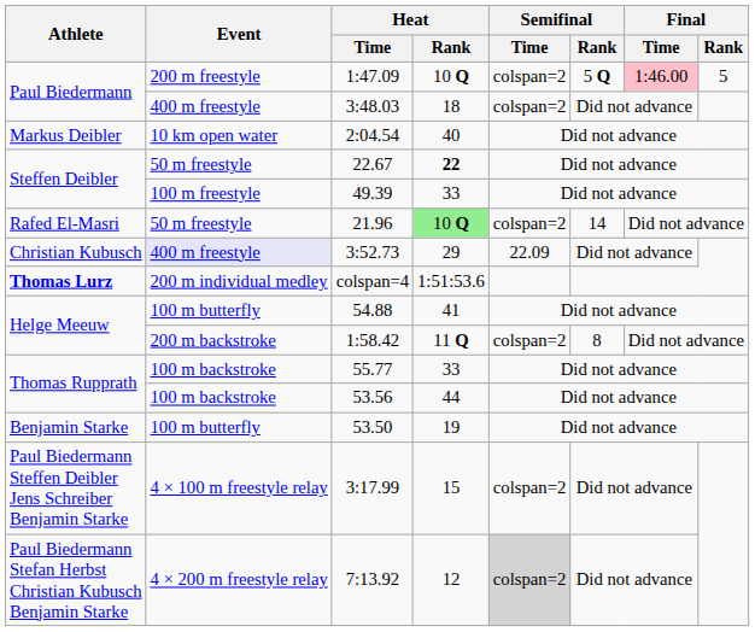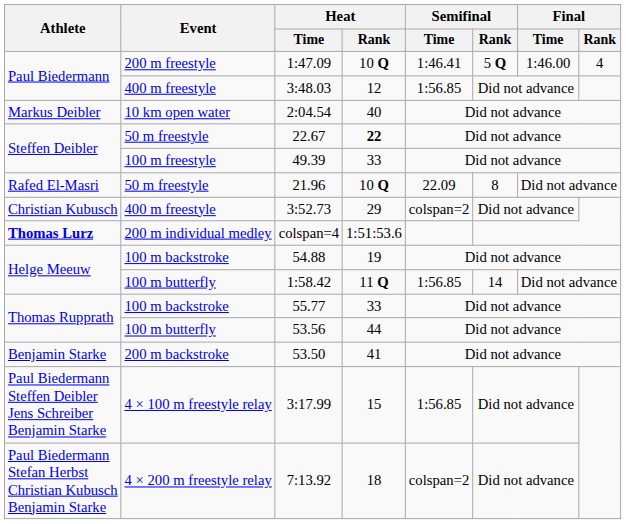 <table class=wikitable style="font-size:90%">
 <tr>
 <th rowspan="2">Athlete</th>
 <th rowspan="2">Event</th>
 <th colspan="2">Heat</th>
 <th colspan="2">Semifinal</th>
 <th colspan="2">Final</th>
 </tr>
 <tr style="font-size:95%">
 <th>Time</th>
 <th>Rank</th>
 <th>Time</th>
 <th>Rank</th>
 <th>Time</th>
 <th>Rank</th>
 </tr>
 <tr align=center>
 <td align=left rowspan=2><a href='#'>Paul Biedermann</a></td>
 <td align=left><a href='#'>200 m freestyle</a></td>
 <td>1:47.09</td>
 <td>10 <strong>Q</strong></td>
-<td>colspan=2 </td>
+<td>1:46.41</td>
 <td>5 <strong>Q</strong></td>
-<td style="background: pink;">1:46.00</td>
-<td>5</td>
+<td>1:46.00</td>
+<td>4</td>
 </tr>
 <tr align=center>
 <td align=left><a href='#'>400 m freestyle</a></td>
 <td>3:48.03</td>
-<td>18</td>
-<td>colspan=2 </td>
+<td>12</td>
+<td>1:56.85</td>
 <td colspan=2>Did not advance</td>
 </tr>
 <tr align=center>
 <td align=left><a href='#'>Markus Deibler</a></td>
 <td align=left><a href='#'>10 km open water</a></td>
 <td>2:04.54</td>
 <td>40</td>
 <td colspan=4>Did not advance</td>
 </tr>
 <tr align=center>
 <td align=left rowspan=2><a href='#'>Steffen Deibler</a></td>
 <td align=left><a href='#'>50 m freestyle</a></td>
 <td>22.67</td>
 <td><strong>22</strong></td>
 <td colspan=4>Did not advance</td>
 </tr>
 <tr align=center>
 <td align=left><a href='#'>100 m freestyle</a></td>
 <td>49.39</td>
 <td>33</td>
 <td colspan=4>Did not advance</td>
 </tr>
 <tr align=center>
 <td align=left><a href='#'>Rafed El-Masri</a></td>
 <td align=left><a href='#'>50 m freestyle</a></td>
 <td>21.96</td>
-<td style="background: lightgreen;">10 <strong>Q</strong></td>
-<td>colspan=2 </td>
-<td>14</td>
+<td>10 <strong>Q</strong></td>
+<td>22.09</td>
+<td>8</td>
 <td colspan=2>Did not advance</td>
 </tr>
 <tr align=center>
 <td align=left><a href='#'>Christian Kubusch</a></td>
-<td align=left style="background: lavender;"><a href='#'>400 m freestyle</a></td>
+<td align=left><a href='#'>400 m freestyle</a></td>
 <td>3:52.73</td>
 <td>29</td>
-<td>22.09</td>
+<td>colspan=2 </td>
 <td colspan=2>Did not advance</td>
 </tr>
 <tr align=center>
 <td align=left><strong><a href='#'>Thomas Lurz</a></strong></td>
 <td align=left><a href='#'>200 m individual medley</a></td>
 <td>colspan=4 </td>
 <td>1:51:53.6</td>
 <td></td>
 </tr>
 <tr align=center>
 <td align=left rowspan=2><a href='#'>Helge Meeuw</a></td>
-<td align=left><a href='#'>100 m butterfly</a></td>
+<td align=left><a href='#'>100 m backstroke</a></td>
 <td>54.88</td>
-<td>41</td>
+<td>19</td>
 <td colspan=4>Did not advance</td>
 </tr>
 <tr align=center>
-<td align=left><a href='#'>200 m backstroke</a></td>
+<td align=left><a href='#'>100 m butterfly</a></td>
 <td>1:58.42</td>
 <td>11 <strong>Q</strong></td>
-<td>colspan=2 </td>
-<td>8</td>
+<td>1:56.85</td>
+<td>14</td>
 <td colspan=2>Did not advance</td>
 </tr>
 <tr align=center>
 <td align=left rowspan=2><a href='#'>Thomas Rupprath</a></td>
 <td align=left><a href='#'>100 m backstroke</a></td>
 <td>55.77</td>
 <td>33</td>
 <td colspan=4>Did not advance</td>
 </tr>
 <tr align=center>
-<td align=left><a href='#'>100 m backstroke</a></td>
+<td align=left><a href='#'>100 m butterfly</a></td>
 <td>53.56</td>
 <td>44</td>
 <td colspan=4>Did not advance</td>
 </tr>
 <tr align=center>
 <td align=left><a href='#'>Benjamin Starke</a></td>
-<td align=left><a href='#'>100 m butterfly</a></td>
+<td align=left><a href='#'>200 m backstroke</a></td>
 <td>53.50</td>
-<td>19</td>
+<td>41</td>
 <td colspan=4>Did not advance</td>
 </tr>
 <tr align=center>
 <td align=left><a href='#'>Paul Biedermann</a><br><a href='#'>Steffen Deibler</a><br><a href='#'>Jens Schreiber</a><br><a href='#'>Benjamin Starke</a></td>
 <td align=left><a href='#'>4 × 100 m freestyle relay</a></td>
 <td>3:17.99</td>
 <td>15</td>
-<td>colspan=2 </td>
+<td>1:56.85</td>
 <td colspan=2>Did not advance</td>
 </tr>
 <tr align=center>
 <td align=left><a href='#'>Paul Biedermann</a><br><a href='#'>Stefan Herbst</a><br><a href='#'>Christian Kubusch</a><br><a href='#'>Benjamin Starke</a></td>
 <td align=left><a href='#'>4 × 200 m freestyle relay</a></td>
 <td>7:13.92</td>
-<td>12</td>
-<td style="background: lightgrey;">colspan=2 </td>
+<td>18</td>
+<td>colspan=2 </td>
 <td colspan=2>Did not advance</td>
 </tr>
 </table>
